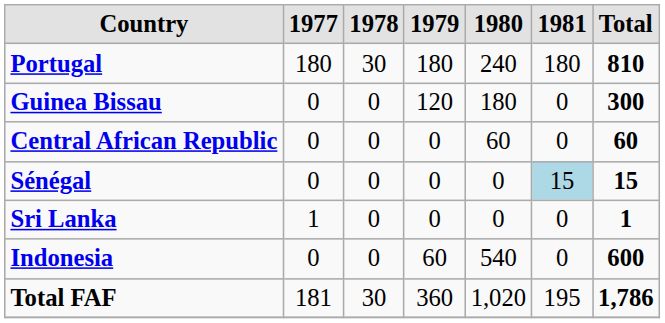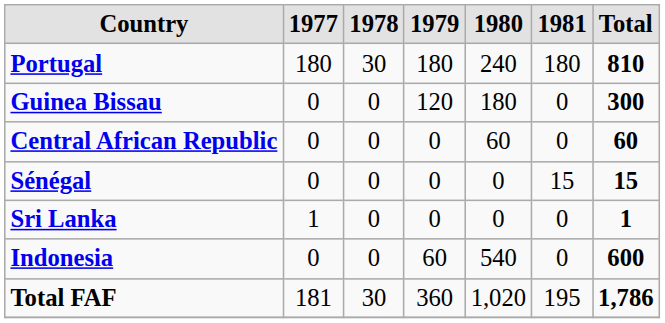 <table class="wikitable" style=";">
 <tr align="center">
 <td style="background:#e2e2e2;"><strong>Country</strong></td>
 <td style="background:#e2e2e2;"><strong>1977</strong></td>
 <td style="background:#e2e2e2;"><strong>1978</strong></td>
 <td style="background:#e2e2e2;"><strong>1979</strong></td>
 <td style="background:#e2e2e2;"><strong>1980</strong></td>
 <td style="background:#e2e2e2;"><strong>1981</strong></td>
 <td style="background:#e2e2e2;"><strong>Total</strong></td>
 </tr>
 <tr>
 <td><strong><a href='#'>Portugal</a></strong></td>
 <td align="center">180</td>
 <td align="center">30</td>
 <td align="center">180</td>
 <td align="center">240</td>
 <td align="center">180</td>
 <td align="center"><strong>810</strong></td>
 </tr>
 <tr>
 <td><strong><a href='#'>Guinea Bissau</a></strong></td>
 <td align="center">0</td>
 <td align="center">0</td>
 <td align="center">120</td>
 <td align="center">180</td>
 <td align="center">0</td>
 <td align="center"><strong>300</strong></td>
 </tr>
 <tr>
 <td><strong><a href='#'>Central African Republic</a></strong></td>
 <td align="center">0</td>
 <td align="center">0</td>
 <td align="center">0</td>
 <td align="center">60</td>
 <td align="center">0</td>
 <td align="center"><strong>60</strong></td>
 </tr>
 <tr>
 <td><strong><a href='#'>Sénégal</a></strong></td>
 <td align="center">0</td>
 <td align="center">0</td>
 <td align="center">0</td>
 <td align="center">0</td>
-<td align="center" style="background: lightblue;">15</td>
+<td align="center">15</td>
 <td align="center"><strong>15</strong></td>
 </tr>
 <tr>
 <td><strong><a href='#'>Sri Lanka</a></strong></td>
 <td align="center">1</td>
 <td align="center">0</td>
 <td align="center">0</td>
 <td align="center">0</td>
 <td align="center">0</td>
 <td align="center"><strong>1</strong></td>
 </tr>
 <tr>
 <td><strong><a href='#'>Indonesia</a></strong></td>
 <td align="center">0</td>
 <td align="center">0</td>
 <td align="center">60</td>
 <td align="center">540</td>
 <td align="center">0</td>
 <td align="center"><strong>600</strong></td>
 </tr>
 <tr>
 <td><strong>Total FAF</strong></td>
 <td align="center">181</td>
 <td align="center">30</td>
 <td align="center">360</td>
 <td align="center">1,020</td>
 <td align="center">195</td>
 <td align="center"><strong>1,786</strong></td>
 </tr>
 <tr>
 </tr>
 </table>
